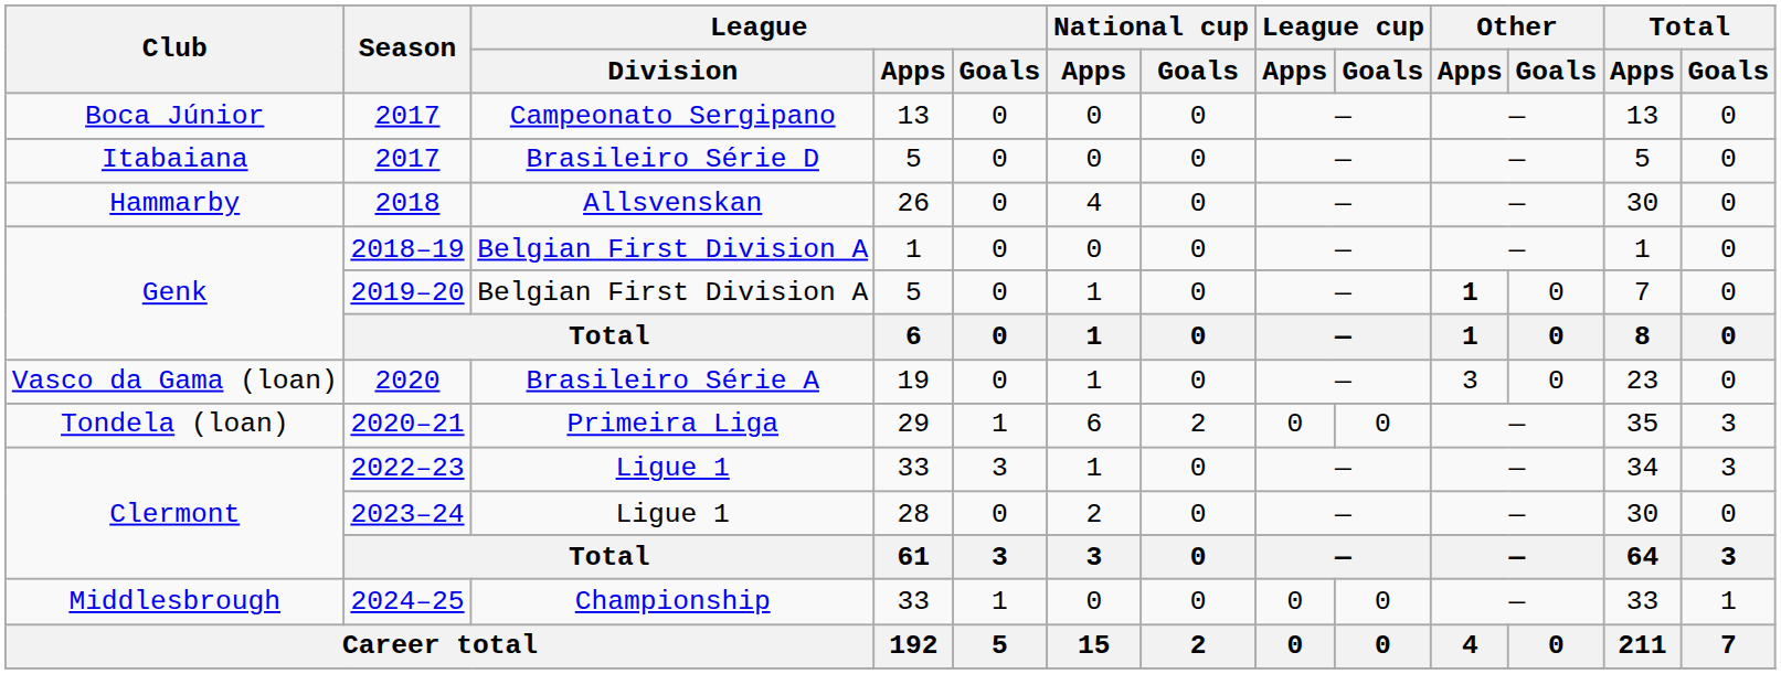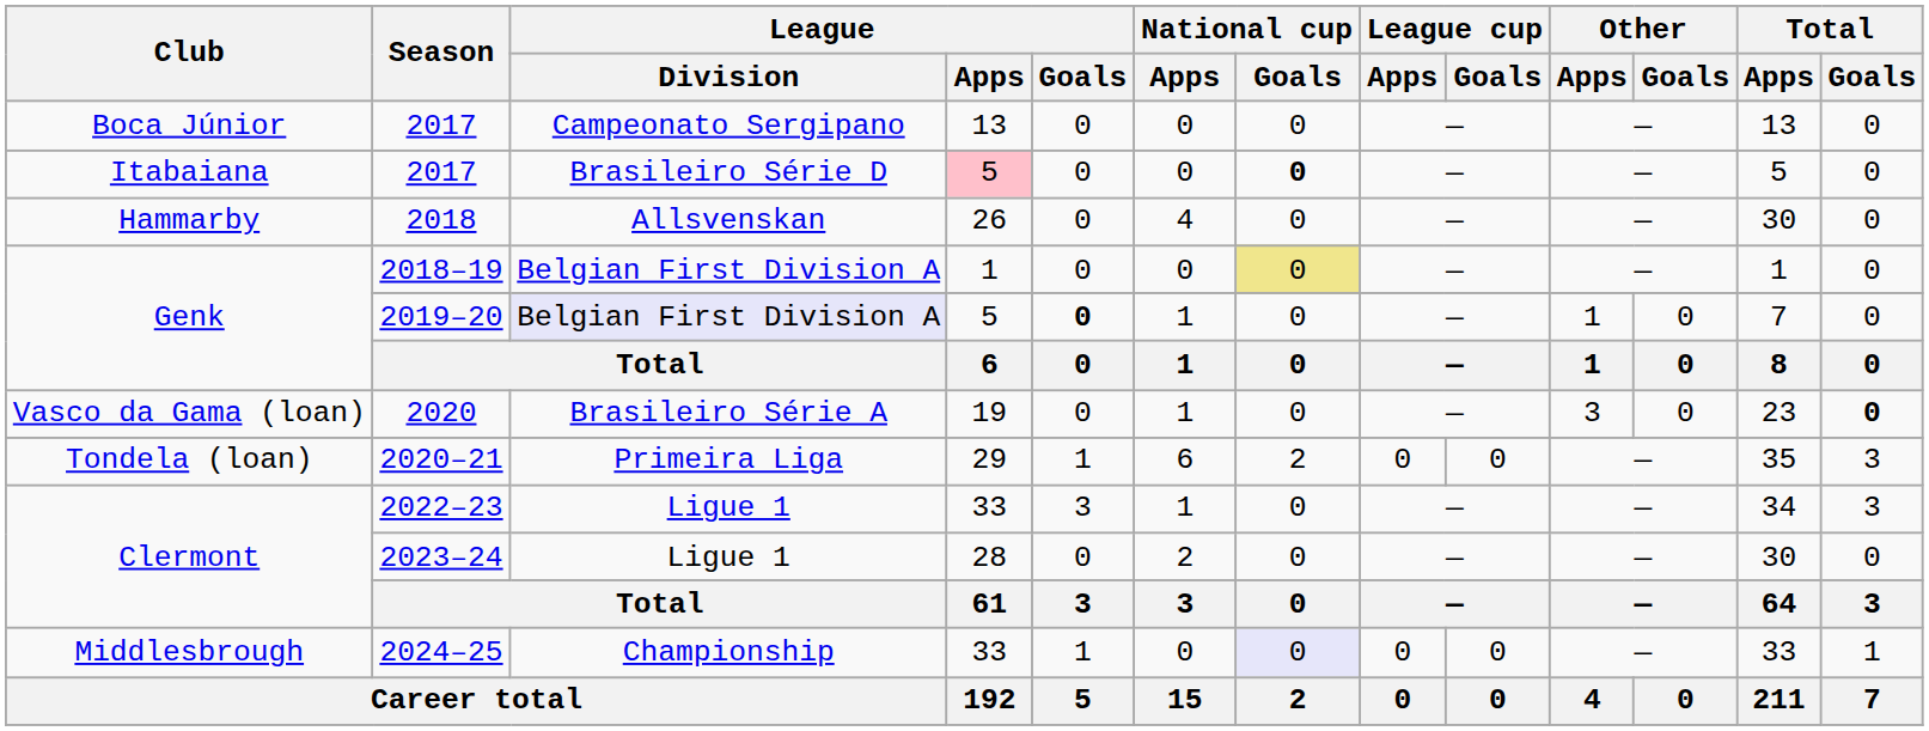 <table class="wikitable" style="text-align:center">
 <tr>
 <th rowspan="2">Club</th>
 <th rowspan="2">Season</th>
 <th colspan="3">League</th>
 <th colspan="2">National cup</th>
 <th colspan="2">League cup</th>
 <th colspan="2">Other</th>
 <th colspan="2">Total</th>
 </tr>
 <tr>
 <th>Division</th>
 <th>Apps</th>
 <th>Goals</th>
 <th>Apps</th>
 <th>Goals</th>
 <th>Apps</th>
 <th>Goals</th>
 <th>Apps</th>
 <th>Goals</th>
 <th>Apps</th>
 <th>Goals</th>
 </tr>
 <tr>
 <td><a href='#'>Boca Júnior</a></td>
 <td><a href='#'>2017</a></td>
 <td><a href='#'>Campeonato Sergipano</a></td>
 <td>13</td>
 <td>0</td>
 <td>0</td>
 <td>0</td>
 <td colspan="2">—</td>
 <td colspan="2">—</td>
 <td>13</td>
 <td>0</td>
 </tr>
 <tr>
 <td><a href='#'>Itabaiana</a></td>
 <td><a href='#'>2017</a></td>
 <td><a href='#'>Brasileiro Série D</a></td>
-<td>5</td>
+<td style="background: pink;">5</td>
 <td>0</td>
 <td>0</td>
-<td>0</td>
+<td><strong>0</strong></td>
 <td colspan="2">—</td>
 <td colspan="2">—</td>
 <td>5</td>
 <td>0</td>
 </tr>
 <tr>
 <td><a href='#'>Hammarby</a></td>
 <td><a href='#'>2018</a></td>
 <td><a href='#'>Allsvenskan</a></td>
 <td>26</td>
 <td>0</td>
 <td>4</td>
 <td>0</td>
 <td colspan="2">—</td>
 <td colspan="2">—</td>
 <td>30</td>
 <td>0</td>
 </tr>
 <tr>
 <td rowspan=3><a href='#'>Genk</a></td>
 <td><a href='#'>2018–19</a></td>
 <td><a href='#'>Belgian First Division A</a></td>
 <td>1</td>
 <td>0</td>
 <td>0</td>
-<td>0</td>
+<td style="background: khaki;">0</td>
 <td colspan="2">—</td>
 <td colspan="2">—</td>
 <td>1</td>
 <td>0</td>
 </tr>
 <tr>
 <td><a href='#'>2019–20</a></td>
-<td>Belgian First Division A</td>
+<td style="background: lavender;">Belgian First Division A</td>
 <td>5</td>
-<td>0</td>
+<td><strong>0</strong></td>
 <td>1</td>
 <td>0</td>
 <td colspan="2">—</td>
-<td><strong>1</strong></td>
+<td>1</td>
 <td>0</td>
 <td>7</td>
 <td>0</td>
 </tr>
 <tr>
 <th colspan=2>Total</th>
 <th>6</th>
 <th>0</th>
 <th>1</th>
 <th>0</th>
 <th colspan="2">—</th>
 <th>1</th>
 <th>0</th>
 <th>8</th>
 <th>0</th>
 </tr>
 <tr>
 <td><a href='#'>Vasco da Gama</a> (loan)</td>
 <td><a href='#'>2020</a></td>
 <td><a href='#'>Brasileiro Série A</a></td>
 <td>19</td>
 <td>0</td>
 <td>1</td>
 <td>0</td>
 <td colspan="2">—</td>
 <td>3</td>
 <td>0</td>
 <td>23</td>
-<td>0</td>
+<td><strong>0</strong></td>
 </tr>
 <tr>
 <td><a href='#'>Tondela</a> (loan)</td>
 <td><a href='#'>2020–21</a></td>
 <td><a href='#'>Primeira Liga</a></td>
 <td>29</td>
 <td>1</td>
 <td>6</td>
 <td>2</td>
 <td>0</td>
 <td>0</td>
 <td colspan="2">—</td>
 <td>35</td>
 <td>3</td>
 </tr>
 <tr>
 <td rowspan=3><a href='#'>Clermont</a></td>
 <td><a href='#'>2022–23</a></td>
 <td><a href='#'>Ligue 1</a></td>
 <td>33</td>
 <td>3</td>
 <td>1</td>
 <td>0</td>
 <td colspan="2">—</td>
 <td colspan="2">—</td>
 <td>34</td>
 <td>3</td>
 </tr>
 <tr>
 <td><a href='#'>2023–24</a></td>
 <td>Ligue 1</td>
 <td>28</td>
 <td>0</td>
 <td>2</td>
 <td>0</td>
 <td colspan="2">—</td>
 <td colspan="2">—</td>
 <td>30</td>
 <td>0</td>
 </tr>
 <tr>
 <th colspan=2>Total</th>
 <th>61</th>
 <th>3</th>
 <th>3</th>
 <th>0</th>
 <th colspan="2">—</th>
 <th colspan="2">—</th>
 <th>64</th>
 <th>3</th>
 </tr>
 <tr>
 <td><a href='#'>Middlesbrough</a></td>
 <td><a href='#'>2024–25</a></td>
 <td><a href='#'>Championship</a></td>
 <td>33</td>
 <td>1</td>
 <td>0</td>
-<td>0</td>
+<td style="background: lavender;">0</td>
 <td>0</td>
 <td>0</td>
 <td colspan="2">—</td>
 <td>33</td>
 <td>1</td>
 </tr>
 <tr>
 <th colspan="3">Career total</th>
 <th>192</th>
 <th>5</th>
 <th>15</th>
 <th>2</th>
 <th>0</th>
 <th>0</th>
 <th>4</th>
 <th>0</th>
 <th>211</th>
 <th>7</th>
 </tr>
 </table>
